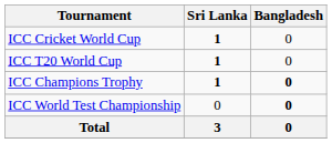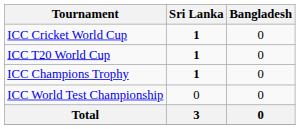 <table class="wikitable" " style="text-align:center">
 <tr>
 <th>Tournament</th>
 <th>Sri Lanka</th>
 <th>Bangladesh</th>
 </tr>
 <tr>
 <td style="text-align:left"><a href='#'>ICC Cricket World Cup</a></td>
 <td><strong>1</strong></td>
 <td>0</td>
 </tr>
 <tr>
 <td style="text-align:left"><a href='#'>ICC T20 World Cup</a></td>
 <td><strong>1</strong></td>
 <td>0</td>
 </tr>
 <tr>
 <td style="text-align:left"><a href='#'>ICC Champions Trophy</a></td>
 <td><strong>1</strong></td>
-<td><strong>0</strong></td>
+<td>0</td>
 </tr>
 <tr>
 <td style="text-align:left"><a href='#'>ICC World Test Championship</a></td>
 <td>0</td>
-<td><strong>0</strong></td>
+<td>0</td>
 </tr>
 <tr>
 <th>Total</th>
 <th>3</th>
 <th>0</th>
 </tr>
 <tr>
 </tr>
 </table>
